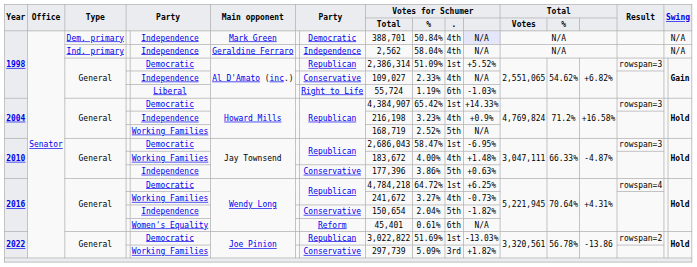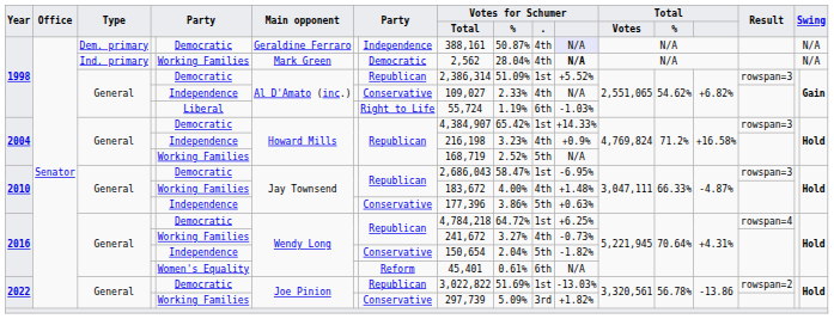 <table class="wikitable" style="font-size: 90%; text-align:center;">
 <tr>
 <th style="background-color:#EAECF0;" rowspan=2>Year</th>
 <th style="background-color:#EAECF0;" rowspan=2>Office</th>
 <th style="background-color:#EAECF0;" rowspan=2>Type</th>
 <th style="background-color:#EAECF0;" colspan=2 rowspan=2>Party</th>
 <th style="background-color:#EAECF0;" rowspan=2>Main opponent</th>
 <th style="background-color:#EAECF0;" colspan=2 rowspan=2>Party</th>
 <th style="background-color:#EAECF0;" colspan=4>Votes for Schumer</th>
 <th style="background-color:#EAECF0;" colspan=3>Total</th>
 <th style="background-color:#EAECF0;" rowspan=2>Result</th>
 <th style="background-color:#EAECF0;" colspan=2 rowspan=2><a href='#'>Swing</a></th>
 </tr>
 <tr>
 <th style="background-color:#EAECF0;">Total</th>
 <th style="background-color:#EAECF0;">%</th>
 <th style="background-color:#EAECF0;">.</th>
 <th style="background-color:#EAECF0;"></th>
 <th style="background-color:#EAECF0;">Votes</th>
 <th style="background-color:#EAECF0;">%</th>
 <th style="background-color:#EAECF0;"></th>
 </tr>
 <tr>
 <th style="background-color:#EAECF0;" rowspan=5><a href='#'>1998</a></th>
 <td rowspan=17><a href='#'>Senator</a></td>
 <td><a href='#'>Dem. primary</a></td>
 <td style="background-color:"></td>
+<td><a href='#'>Democratic</a></td>
+<td><a href='#'>Geraldine Ferraro</a></td>
+<td style="background-color:"></td>
 <td><a href='#'>Independence</a></td>
-<td><a href='#'>Mark Green</a></td>
-<td style="background-color:"></td>
-<td><a href='#'>Democratic</a></td>
-<td>388,701</td>
-<td>50.84%</td>
+<td>388,161</td>
+<td>50.87%</td>
 <td>4th</td>
 <td style="background: lavender;">N/A</td>
 <td colspan=3>N/A</td>
 <td></td>
 <td colspan=2>N/A</td>
 </tr>
 <tr>
 <td><a href='#'>Ind. primary</a></td>
 <td style="background-color:"></td>
-<td><a href='#'>Independence</a></td>
-<td><a href='#'>Geraldine Ferraro</a></td>
+<td><a href='#'>Working Families</a></td>
+<td><a href='#'>Mark Green</a></td>
 <td style="background-color:"></td>
-<td><a href='#'>Independence</a></td>
+<td><a href='#'>Democratic</a></td>
 <td>2,562</td>
-<td>58.04%</td>
+<td>28.04%</td>
 <td>4th</td>
-<td>N/A</td>
+<td><strong>N/A</strong></td>
 <td colspan=3>N/A</td>
 <td></td>
 <td colspan=2>N/A</td>
 </tr>
 <tr>
 <td rowspan=3>General</td>
 <td style="background-color:"></td>
 <td><a href='#'>Democratic</a></td>
 <td rowspan=3><a href='#'>Al D'Amato</a> (<a href='#'>inc</a>.)</td>
 <td style="background-color:"></td>
 <td><a href='#'>Republican</a></td>
 <td>2,386,314</td>
 <td>51.09%</td>
 <td>1st</td>
 <td>+5.52%</td>
 <td rowspan=3>2,551,065</td>
 <td rowspan=3>54.62%</td>
 <td rowspan=3>+6.82%</td>
 <td>rowspan=3 </td>
 <td rowspan=3 style="background-color:"></td>
 <td rowspan=3><strong>Gain</strong></td>
 </tr>
 <tr>
 <td style="background-color:"></td>
 <td><a href='#'>Independence</a></td>
 <td style="background-color:"></td>
 <td><a href='#'>Conservative</a></td>
 <td>109,027</td>
 <td>2.33%</td>
 <td>4th</td>
 <td>N/A</td>
 </tr>
 <tr>
 <td style="background-color:"></td>
 <td><a href='#'>Liberal</a></td>
 <td style="background-color:"></td>
 <td><a href='#'>Right to Life</a></td>
 <td>55,724</td>
 <td>1.19%</td>
 <td>6th</td>
 <td>-1.03%</td>
 </tr>
 <tr>
 <th style="background-color:#EAECF0;" rowspan=3><a href='#'>2004</a></th>
 <td rowspan=3>General</td>
 <td style="background-color:"></td>
 <td><a href='#'>Democratic</a></td>
 <td rowspan=3><a href='#'>Howard Mills</a></td>
 <td rowspan=3 style="background-color:"></td>
 <td rowspan=3><a href='#'>Republican</a></td>
 <td>4,384,907</td>
 <td>65.42%</td>
 <td>1st</td>
 <td>+14.33%</td>
 <td rowspan=3>4,769,824</td>
 <td rowspan=3>71.2%</td>
 <td rowspan=3>+16.58%</td>
 <td>rowspan=3 </td>
 <td rowspan=3 style="background-color:"></td>
 <td rowspan=3><strong>Hold</strong></td>
 </tr>
 <tr>
 <td style="background-color:"></td>
 <td><a href='#'>Independence</a></td>
 <td>216,198</td>
 <td>3.23%</td>
 <td>4th</td>
 <td>+0.9%</td>
 </tr>
 <tr>
 <td style="background-color:"></td>
 <td><a href='#'>Working Families</a></td>
 <td>168,719</td>
 <td>2.52%</td>
 <td>5th</td>
 <td>N/A</td>
 </tr>
 <tr>
 <th style="background-color:#EAECF0;" rowspan=3><a href='#'>2010</a></th>
 <td rowspan=3>General</td>
 <td style="background-color:"></td>
 <td><a href='#'>Democratic</a></td>
 <td rowspan=3>Jay Townsend</td>
 <td rowspan=2 style="background-color:"></td>
 <td rowspan=2><a href='#'>Republican</a></td>
 <td>2,686,043</td>
 <td>58.47%</td>
 <td>1st</td>
 <td>-6.95%</td>
 <td rowspan=3>3,047,111</td>
 <td rowspan=3>66.33%</td>
 <td rowspan=3>-4.87%</td>
 <td>rowspan=3 </td>
 <td rowspan=3 style="background-color:"></td>
 <td rowspan=3><strong>Hold</strong></td>
 </tr>
 <tr>
 <td style="background-color:"></td>
 <td><a href='#'>Working Families</a></td>
 <td>183,672</td>
 <td>4.00%</td>
 <td>4th</td>
 <td>+1.48%</td>
 </tr>
 <tr>
 <td style="background-color:"></td>
 <td><a href='#'>Independence</a></td>
 <td style="background-color:"></td>
 <td><a href='#'>Conservative</a></td>
 <td>177,396</td>
 <td>3.86%</td>
 <td>5th</td>
 <td>+0.63%</td>
 </tr>
 <tr>
 <th style="background-color:#EAECF0;" rowspan=4><a href='#'>2016</a></th>
 <td rowspan=4>General</td>
 <td style="background-color:"></td>
 <td><a href='#'>Democratic</a></td>
 <td rowspan=4><a href='#'>Wendy Long</a></td>
 <td rowspan=2 style="background-color:"></td>
 <td rowspan=2><a href='#'>Republican</a></td>
 <td>4,784,218</td>
 <td>64.72%</td>
 <td>1st</td>
 <td>+6.25%</td>
 <td rowspan=4>5,221,945</td>
 <td rowspan=4>70.64%</td>
 <td rowspan=4>+4.31%</td>
 <td>rowspan=4 </td>
 <td rowspan=4 style="background-color:"></td>
 <td rowspan=4><strong>Hold</strong></td>
 </tr>
 <tr>
 <td style="background-color:"></td>
 <td><a href='#'>Working Families</a></td>
 <td>241,672</td>
 <td>3.27%</td>
 <td>4th</td>
 <td>-0.73%</td>
 </tr>
 <tr>
 <td style="background-color:"></td>
 <td><a href='#'>Independence</a></td>
 <td style="background-color:"></td>
 <td><a href='#'>Conservative</a></td>
 <td>150,654</td>
 <td>2.04%</td>
 <td>5th</td>
 <td>-1.82%</td>
 </tr>
 <tr>
 <td style="background-color:"></td>
 <td><a href='#'>Women's Equality</a></td>
 <td style="background-color:"></td>
 <td><a href='#'>Reform</a></td>
 <td>45,401</td>
 <td>0.61%</td>
 <td>6th</td>
 <td>N/A</td>
 </tr>
 <tr>
 <th style="background-color:#EAECF0;" rowspan=2><a href='#'>2022</a></th>
 <td rowspan=2>General</td>
 <td style="background-color:"></td>
 <td><a href='#'>Democratic</a></td>
 <td rowspan=2><a href='#'>Joe Pinion</a></td>
 <td style="background-color:"></td>
 <td><a href='#'>Republican</a></td>
 <td>3,022,822</td>
 <td>51.69%</td>
 <td>1st</td>
 <td>-13.03%</td>
 <td rowspan=2>3,320,561</td>
 <td rowspan=2>56.78%</td>
 <td rowspan=2>-13.86</td>
 <td>rowspan=2 </td>
 <td rowspan=2 style="background-color:"></td>
 <td rowspan=2><strong>Hold</strong></td>
 </tr>
 <tr>
 <td style="background-color:"></td>
 <td><a href='#'>Working Families</a></td>
 <td style="background-color:"></td>
 <td><a href='#'>Conservative</a></td>
 <td>297,739</td>
 <td>5.09%</td>
 <td>3rd</td>
 <td>+1.82%</td>
 </tr>
 <tr>
 <th style="background-color:#EAECF0;" colspan=18></th>
 </tr>
 </table>
